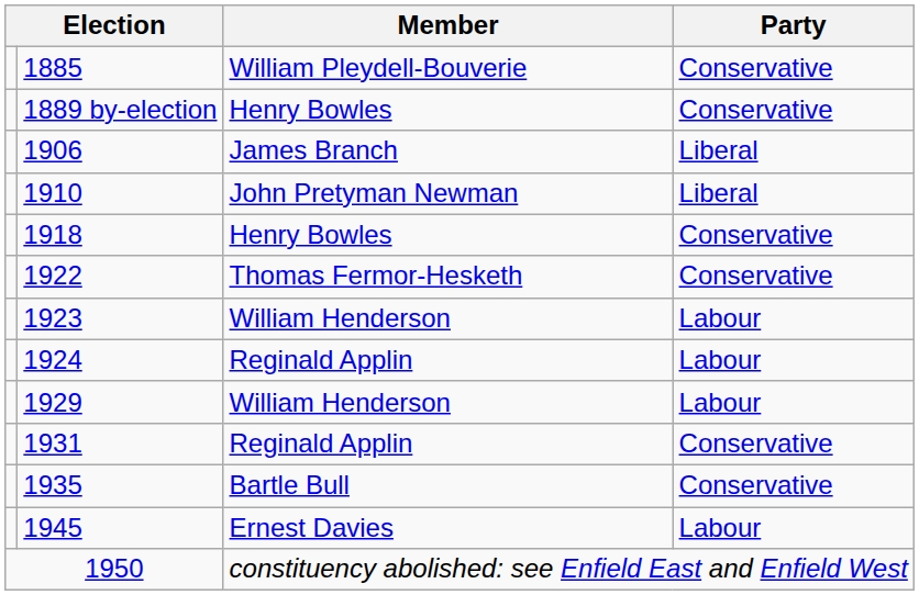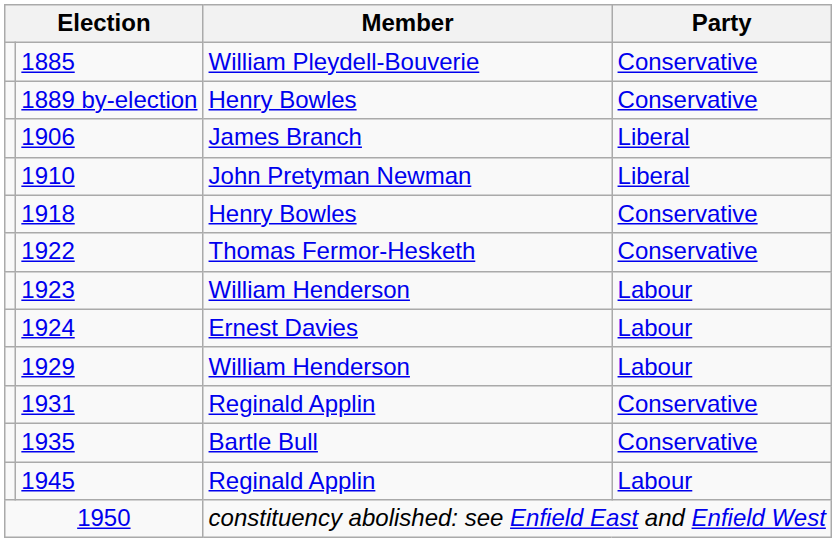 <table class="wikitable">
 <tr>
 <th colspan="2">Election</th>
 <th>Member</th>
 <th>Party</th>
 </tr>
 <tr>
 <td style="color:inherit;background-color: "></td>
 <td><a href='#'>1885</a></td>
 <td><a href='#'>William Pleydell-Bouverie</a></td>
 <td><a href='#'>Conservative</a></td>
 </tr>
 <tr>
 <td style="color:inherit;background-color: "></td>
 <td><a href='#'>1889 by-election</a></td>
 <td><a href='#'>Henry Bowles</a></td>
 <td><a href='#'>Conservative</a></td>
 </tr>
 <tr>
 <td style="color:inherit;background-color: "></td>
 <td><a href='#'>1906</a></td>
 <td><a href='#'>James Branch</a></td>
 <td><a href='#'>Liberal</a></td>
 </tr>
 <tr>
 <td style="color:inherit;background-color: "></td>
 <td><a href='#'>1910</a></td>
 <td><a href='#'>John Pretyman Newman</a></td>
 <td><a href='#'>Liberal</a></td>
 </tr>
 <tr>
 <td style="color:inherit;background-color: "></td>
 <td><a href='#'>1918</a></td>
 <td><a href='#'>Henry Bowles</a></td>
 <td><a href='#'>Conservative</a></td>
 </tr>
 <tr>
 <td style="color:inherit;background-color: "></td>
 <td><a href='#'>1922</a></td>
 <td><a href='#'>Thomas Fermor-Hesketh</a></td>
 <td><a href='#'>Conservative</a></td>
 </tr>
 <tr>
 <td style="color:inherit;background-color: "></td>
 <td><a href='#'>1923</a></td>
 <td><a href='#'>William Henderson</a></td>
 <td><a href='#'>Labour</a></td>
 </tr>
 <tr>
 <td style="color:inherit;background-color: "></td>
 <td><a href='#'>1924</a></td>
-<td><a href='#'>Reginald Applin</a></td>
+<td><a href='#'>Ernest Davies</a></td>
 <td><a href='#'>Labour</a></td>
 </tr>
 <tr>
 <td style="color:inherit;background-color: "></td>
 <td><a href='#'>1929</a></td>
 <td><a href='#'>William Henderson</a></td>
 <td><a href='#'>Labour</a></td>
 </tr>
 <tr>
 <td style="color:inherit;background-color: "></td>
 <td><a href='#'>1931</a></td>
 <td><a href='#'>Reginald Applin</a></td>
 <td><a href='#'>Conservative</a></td>
 </tr>
 <tr>
 <td style="color:inherit;background-color: "></td>
 <td><a href='#'>1935</a></td>
 <td><a href='#'>Bartle Bull</a></td>
 <td><a href='#'>Conservative</a></td>
 </tr>
 <tr>
 <td style="color:inherit;background-color: "></td>
 <td><a href='#'>1945</a></td>
-<td><a href='#'>Ernest Davies</a></td>
+<td><a href='#'>Reginald Applin</a></td>
 <td><a href='#'>Labour</a></td>
 </tr>
 <tr>
 <td colspan="2" align="center"><a href='#'>1950</a></td>
 <td colspan="2"><em>constituency abolished: see <a href='#'>Enfield East</a> and <a href='#'>Enfield West</a></em></td>
 </tr>
 </table>
